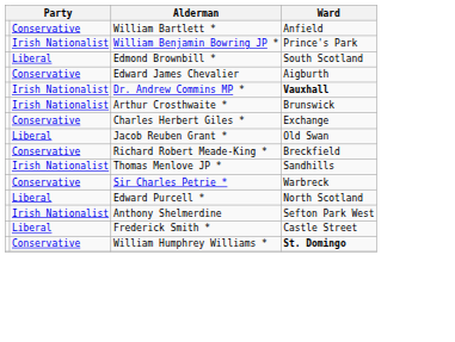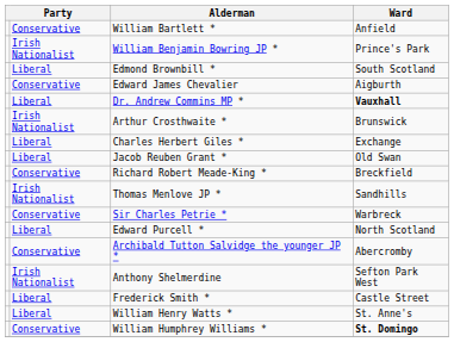 <table class="wikitable">
 <tr>
 <th colspan="2">Party</th>
 <th>Alderman</th>
 <th>Ward</th>
 </tr>
 <tr>
 <td style="background-color:"></td>
 <td><a href='#'>Conservative</a></td>
 <td>William Bartlett *</td>
 <td>Anfield</td>
 </tr>
 <tr>
 <td style="background-color:"></td>
 <td><a href='#'>Irish Nationalist</a></td>
 <td><a href='#'>William Benjamin Bowring JP</a> *</td>
 <td>Prince's Park</td>
 </tr>
 <tr>
 <td style="background-color:"></td>
 <td><a href='#'>Liberal</a></td>
 <td>Edmond Brownbill *</td>
 <td>South Scotland</td>
 </tr>
 <tr>
 <td style="background-color:"></td>
 <td><a href='#'>Conservative</a></td>
 <td>Edward James Chevalier</td>
 <td>Aigburth</td>
 </tr>
 <tr>
 <td style="background-color:"></td>
-<td><a href='#'>Irish Nationalist</a></td>
+<td><a href='#'>Liberal</a></td>
 <td><a href='#'>Dr. Andrew Commins MP</a> *</td>
 <td><strong>Vauxhall</strong></td>
 </tr>
 <tr>
 <td style="background-color:"></td>
 <td><a href='#'>Irish Nationalist</a></td>
 <td>Arthur Crosthwaite *</td>
 <td>Brunswick</td>
 </tr>
 <tr>
 <td style="background-color:"></td>
-<td><a href='#'>Conservative</a></td>
+<td><a href='#'>Liberal</a></td>
 <td>Charles Herbert Giles *</td>
 <td>Exchange</td>
 </tr>
 <tr>
 <td style="background-color:"></td>
 <td><a href='#'>Liberal</a></td>
 <td>Jacob Reuben Grant *</td>
 <td>Old Swan</td>
 </tr>
 <tr>
 <td style="background-color:"></td>
 <td><a href='#'>Conservative</a></td>
 <td>Richard Robert Meade-King *</td>
 <td>Breckfield</td>
 </tr>
 <tr>
 <td style="background-color:"></td>
 <td><a href='#'>Irish Nationalist</a></td>
 <td>Thomas Menlove JP *</td>
 <td>Sandhills</td>
 </tr>
 <tr>
 <td style="background-color:"></td>
 <td><a href='#'>Conservative</a></td>
 <td><a href='#'>Sir Charles Petrie *</a></td>
 <td>Warbreck</td>
 </tr>
 <tr>
 <td style="background-color:"></td>
 <td><a href='#'>Liberal</a></td>
 <td>Edward Purcell *</td>
 <td>North Scotland</td>
 </tr>
 <tr>
 <td style="background-color:"></td>
+<td><a href='#'>Conservative</a></td>
+<td><a href='#'>Archibald Tutton Salvidge the younger JP *</a></td>
+<td>Abercromby</td>
+</tr>
+<tr>
+<td style="background-color:"></td>
 <td><a href='#'>Irish Nationalist</a></td>
 <td>Anthony Shelmerdine</td>
 <td>Sefton Park West</td>
 </tr>
 <tr>
 <td style="background-color:"></td>
 <td><a href='#'>Liberal</a></td>
 <td>Frederick Smith *</td>
 <td>Castle Street</td>
 </tr>
 <tr>
 <td style="background-color:"></td>
+<td><a href='#'>Liberal</a></td>
+<td>William Henry Watts *</td>
+<td>St. Anne's</td>
+</tr>
+<tr>
+<td style="background-color:"></td>
 <td><a href='#'>Conservative</a></td>
 <td>William Humphrey Williams *</td>
 <td><strong>St. Domingo</strong></td>
 </tr>
 <tr>
 </tr>
 </table>
